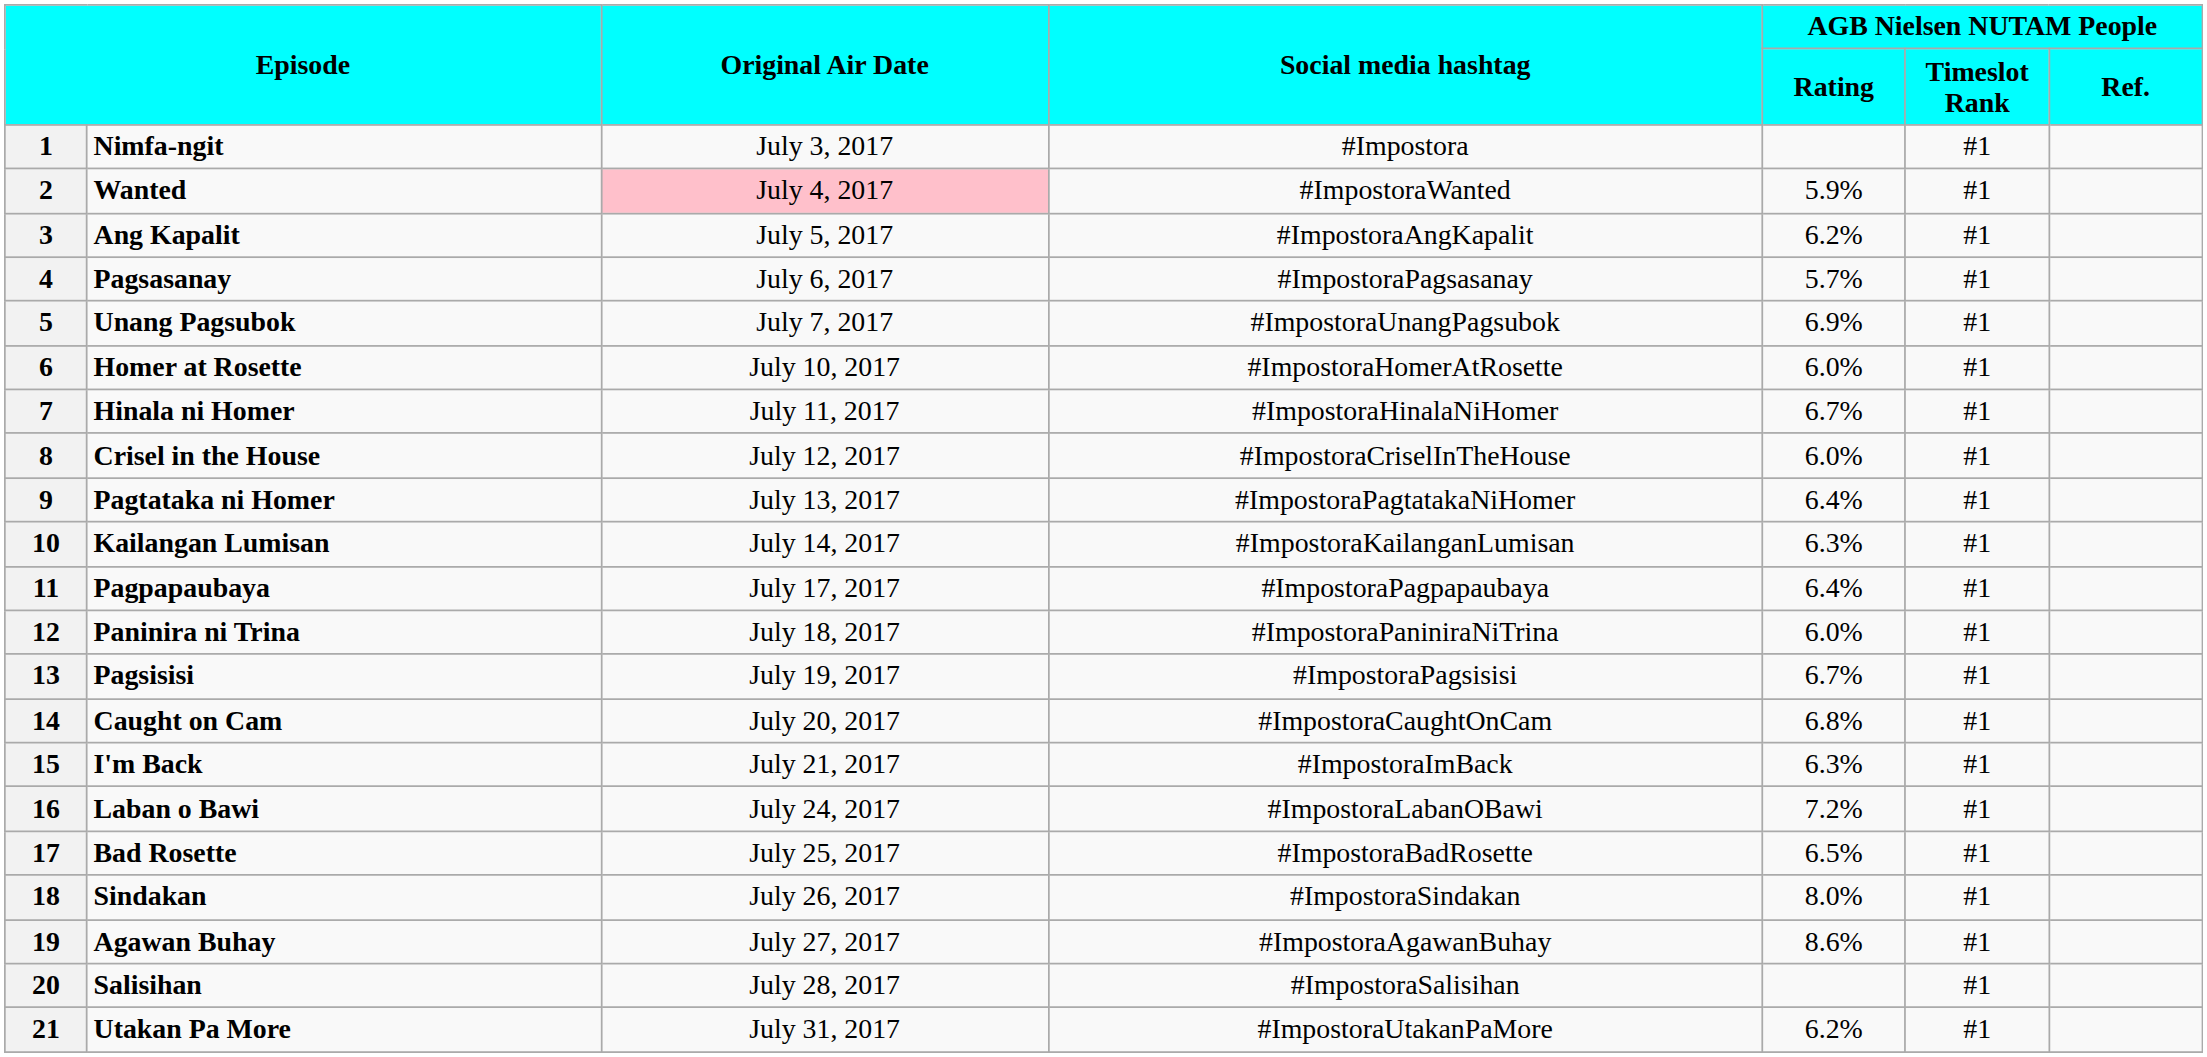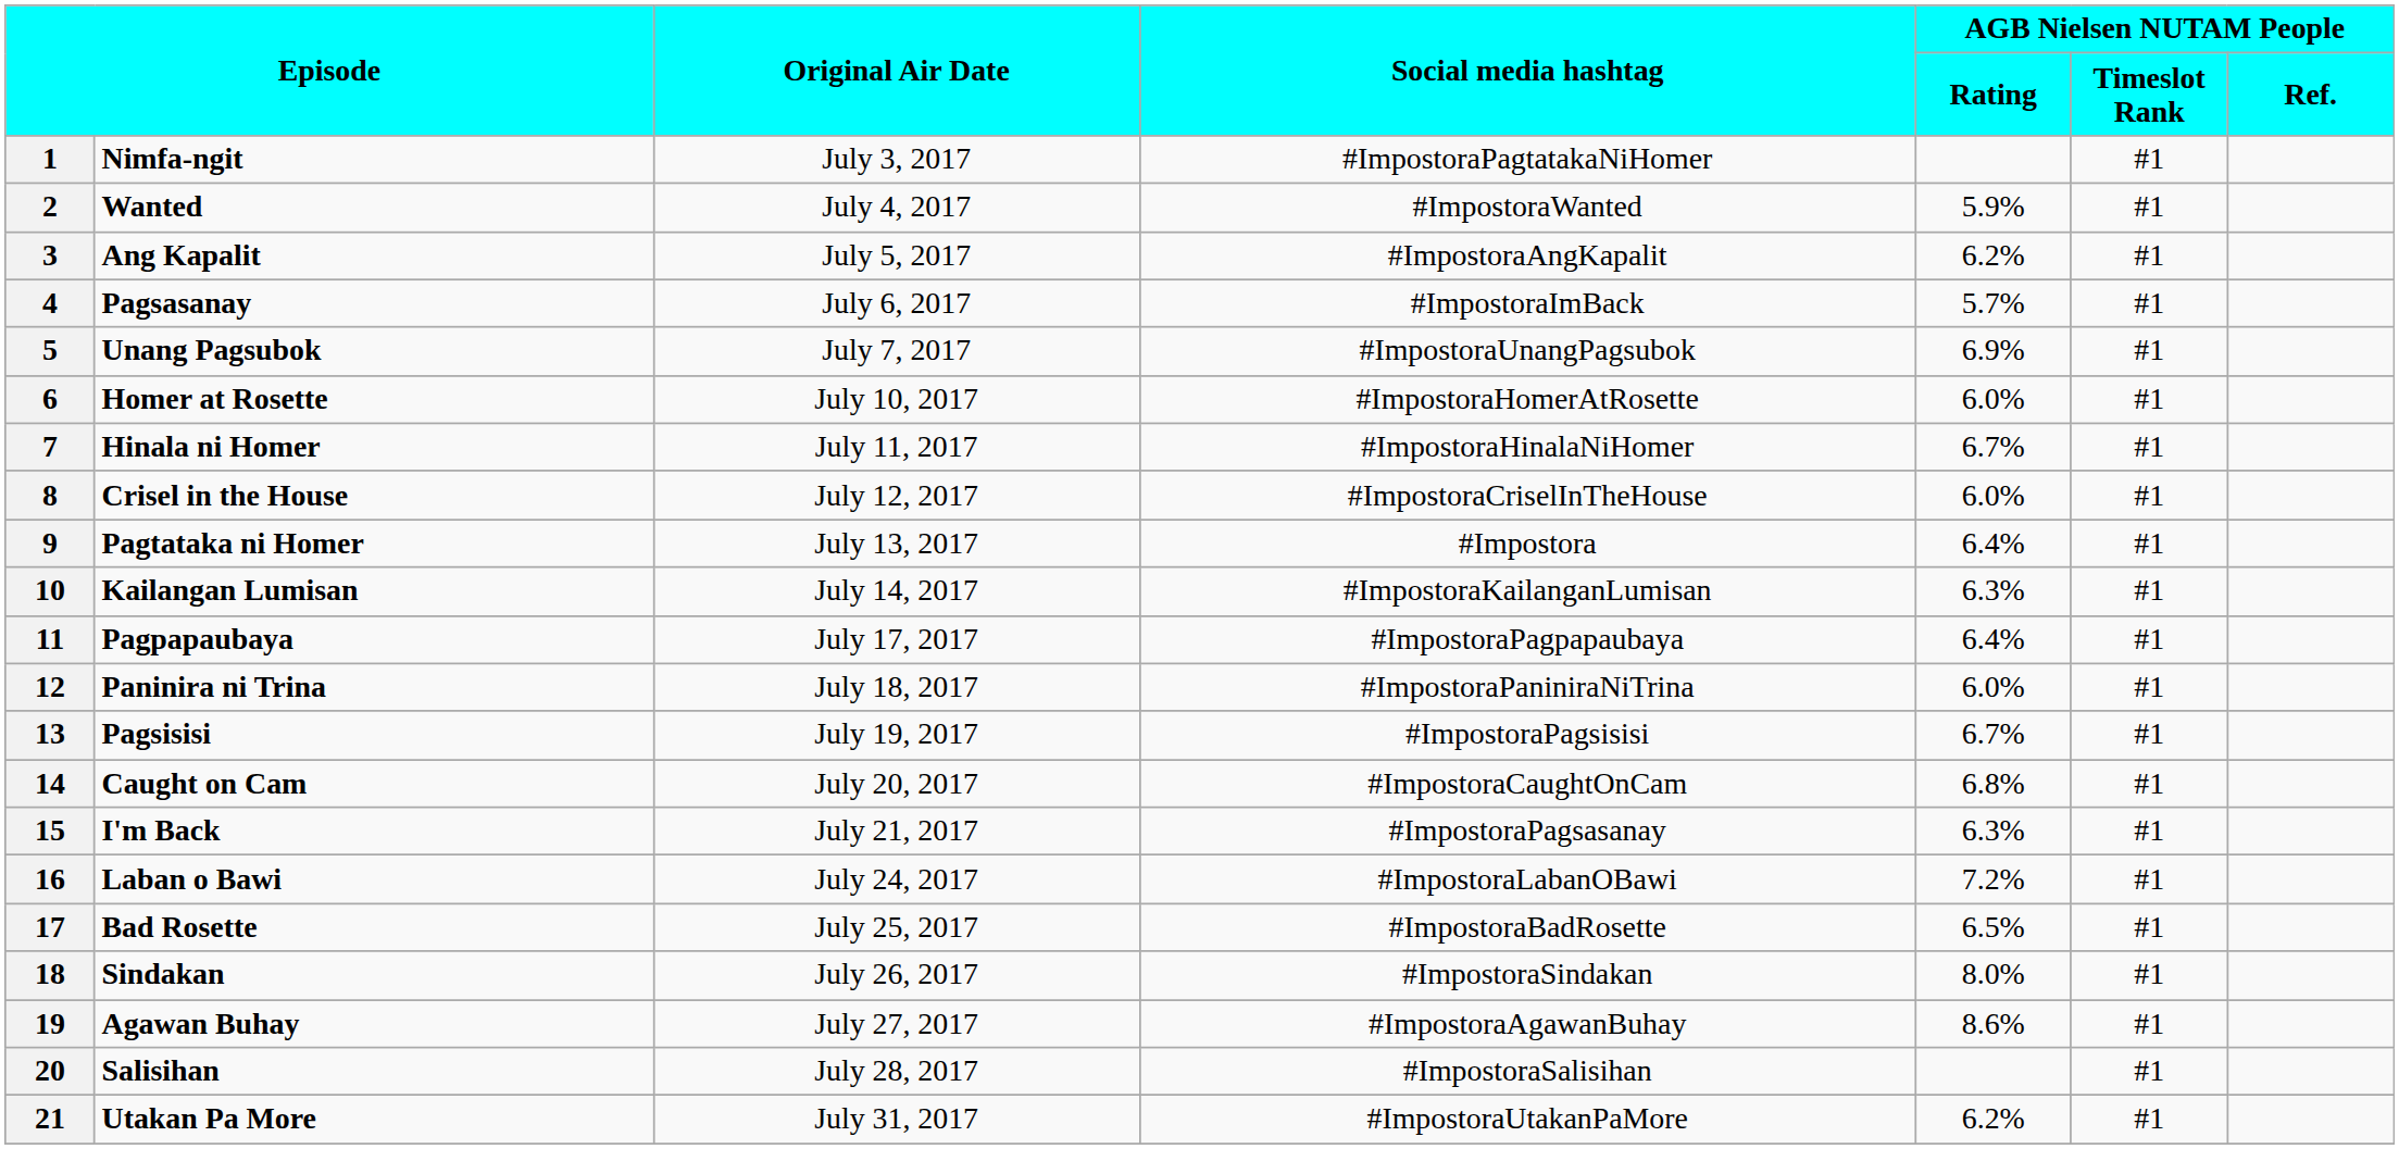 <table class="wikitable" style="text-align:center; font-size:100%; line-height:18px;"  width="100%">
 <tr>
 <th colspan="2" rowspan="2" style="background-color:#00FFFF; color:#000000;">Episode</th>
 <th style="background:#00FFFF; color:black" rowspan="2">Original Air Date</th>
 <th style="background:#00FFFF; color:black" rowspan="2">Social media hashtag</th>
 <th style="background-color:#00FFFF; color:#000000;" colspan="3">AGB Nielsen NUTAM People</th>
 </tr>
 <tr>
 <th style="background-color:#00FFFF; width:75px; color:#000000;">Rating</th>
 <th style="background-color:#00FFFF; width:75px; color:#000000;">Timeslot<br>Rank</th>
 <th style="background-color:#00FFFF; color:#000000;">Ref.</th>
 </tr>
 <tr>
 <th>1</th>
 <td style="text-align: left;"><strong>Nimfa-ngit</strong></td>
 <td>July 3, 2017</td>
-<td>#Impostora</td>
+<td>#ImpostoraPagtatakaNiHomer</td>
 <td></td>
 <td>#1</td>
 <td></td>
 </tr>
 <tr>
 <th>2</th>
 <td style="text-align: left;"><strong>Wanted</strong></td>
-<td style="background: pink;">July 4, 2017</td>
+<td>July 4, 2017</td>
 <td>#ImpostoraWanted</td>
 <td>5.9%</td>
 <td>#1</td>
 <td></td>
 </tr>
 <tr>
 <th>3</th>
 <td style="text-align: left;"><strong>Ang Kapalit</strong></td>
 <td>July 5, 2017</td>
 <td>#ImpostoraAngKapalit</td>
 <td>6.2%</td>
 <td>#1</td>
 <td></td>
 </tr>
 <tr>
 <th>4</th>
 <td style="text-align: left;"><strong>Pagsasanay</strong></td>
 <td>July 6, 2017</td>
-<td>#ImpostoraPagsasanay</td>
+<td>#ImpostoraImBack</td>
 <td>5.7%</td>
 <td>#1</td>
 <td></td>
 </tr>
 <tr>
 <th>5</th>
 <td style="text-align: left;"><strong>Unang Pagsubok</strong></td>
 <td>July 7, 2017</td>
 <td>#ImpostoraUnangPagsubok</td>
 <td>6.9%</td>
 <td>#1</td>
 <td></td>
 </tr>
 <tr>
 <th>6</th>
 <td style="text-align: left;"><strong>Homer at Rosette</strong></td>
 <td>July 10, 2017</td>
 <td>#ImpostoraHomerAtRosette</td>
 <td>6.0%</td>
 <td>#1</td>
 <td></td>
 </tr>
 <tr>
 <th>7</th>
 <td style="text-align: left;"><strong>Hinala ni Homer</strong></td>
 <td>July 11, 2017</td>
 <td>#ImpostoraHinalaNiHomer</td>
 <td>6.7%</td>
 <td>#1</td>
 <td></td>
 </tr>
 <tr>
 <th>8</th>
 <td style="text-align: left;"><strong>Crisel in the House</strong></td>
 <td>July 12, 2017</td>
 <td>#ImpostoraCriselInTheHouse</td>
 <td>6.0%</td>
 <td>#1</td>
 <td></td>
 </tr>
 <tr>
 <th>9</th>
 <td style="text-align: left;"><strong>Pagtataka ni Homer</strong></td>
 <td>July 13, 2017</td>
-<td>#ImpostoraPagtatakaNiHomer</td>
+<td>#Impostora</td>
 <td>6.4%</td>
 <td>#1</td>
 <td></td>
 </tr>
 <tr>
 <th>10</th>
 <td style="text-align: left;"><strong>Kailangan Lumisan</strong></td>
 <td>July 14, 2017</td>
 <td>#ImpostoraKailanganLumisan</td>
 <td>6.3%</td>
 <td>#1</td>
 <td></td>
 </tr>
 <tr>
 <th>11</th>
 <td style="text-align: left;"><strong>Pagpapaubaya</strong></td>
 <td>July 17, 2017</td>
 <td>#ImpostoraPagpapaubaya</td>
 <td>6.4%</td>
 <td>#1</td>
 <td></td>
 </tr>
 <tr>
 <th>12</th>
 <td style="text-align: left;"><strong>Paninira ni Trina</strong></td>
 <td>July 18, 2017</td>
 <td>#ImpostoraPaniniraNiTrina</td>
 <td>6.0%</td>
 <td>#1</td>
 <td></td>
 </tr>
 <tr>
 <th>13</th>
 <td style="text-align: left;"><strong>Pagsisisi</strong></td>
 <td>July 19, 2017</td>
 <td>#ImpostoraPagsisisi</td>
 <td>6.7%</td>
 <td>#1</td>
 <td></td>
 </tr>
 <tr>
 <th>14</th>
 <td style="text-align: left;"><strong>Caught on Cam</strong></td>
 <td>July 20, 2017</td>
 <td>#ImpostoraCaughtOnCam</td>
 <td>6.8%</td>
 <td>#1</td>
 <td></td>
 </tr>
 <tr>
 <th>15</th>
 <td style="text-align: left;"><strong>I'm Back</strong></td>
 <td>July 21, 2017</td>
-<td>#ImpostoraImBack</td>
+<td>#ImpostoraPagsasanay</td>
 <td>6.3%</td>
 <td>#1</td>
 <td></td>
 </tr>
 <tr>
 <th>16</th>
 <td style="text-align: left;"><strong>Laban o Bawi</strong></td>
 <td>July 24, 2017</td>
 <td>#ImpostoraLabanOBawi</td>
 <td>7.2%</td>
 <td>#1</td>
 <td></td>
 </tr>
 <tr>
 <th>17</th>
 <td style="text-align: left;"><strong>Bad Rosette</strong></td>
 <td>July 25, 2017</td>
 <td>#ImpostoraBadRosette</td>
 <td>6.5%</td>
 <td>#1</td>
 <td></td>
 </tr>
 <tr>
 <th>18</th>
 <td style="text-align: left;"><strong>Sindakan</strong></td>
 <td>July 26, 2017</td>
 <td>#ImpostoraSindakan</td>
 <td>8.0%</td>
 <td>#1</td>
 <td></td>
 </tr>
 <tr>
 <th>19</th>
 <td style="text-align: left;"><strong>Agawan Buhay</strong></td>
 <td>July 27, 2017</td>
 <td>#ImpostoraAgawanBuhay</td>
 <td>8.6%</td>
 <td>#1</td>
 <td></td>
 </tr>
 <tr>
 <th>20</th>
 <td style="text-align: left;"><strong>Salisihan</strong></td>
 <td>July 28, 2017</td>
 <td>#ImpostoraSalisihan</td>
 <td></td>
 <td>#1</td>
 <td></td>
 </tr>
 <tr>
 <th>21</th>
 <td style="text-align: left;"><strong>Utakan Pa More</strong></td>
 <td>July 31, 2017</td>
 <td>#ImpostoraUtakanPaMore</td>
 <td>6.2%</td>
 <td>#1</td>
 <td></td>
 </tr>
 <tr>
 </tr>
 </table>
